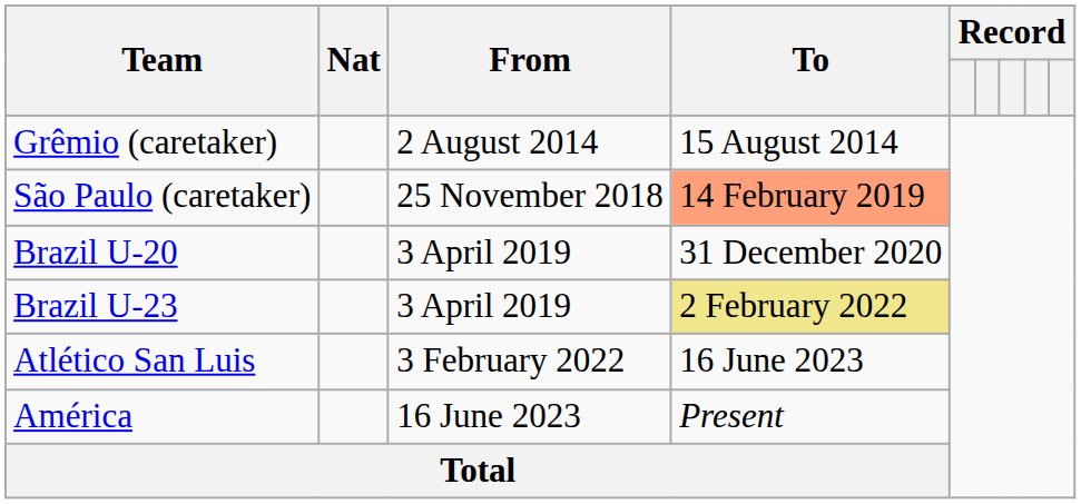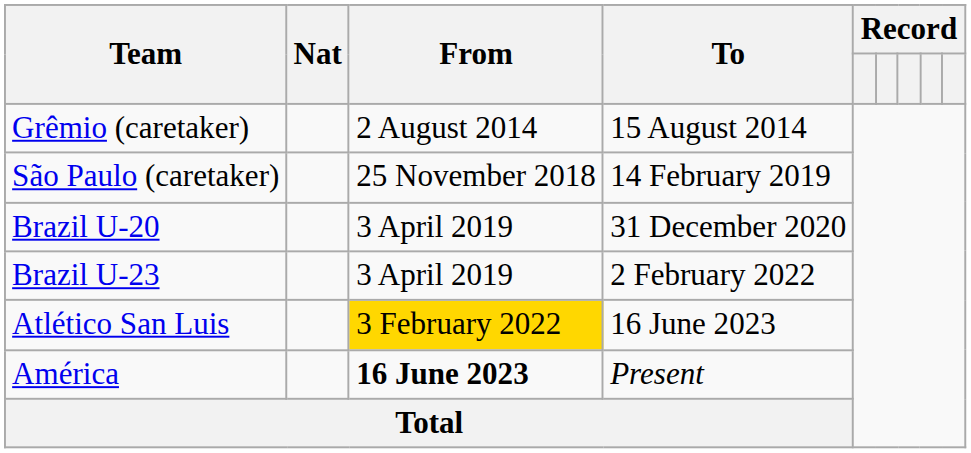 <table class="wikitable" style="text-align:center">
 <tr>
 <th rowspan="2">Team</th>
 <th rowspan="2">Nat</th>
 <th rowspan="2">From</th>
 <th rowspan="2">To</th>
 <th colspan="5">Record</th>
 </tr>
 <tr>
 <th></th>
 <th></th>
 <th></th>
 <th></th>
 <th><br></th>
 </tr>
 <tr>
 <td align="left"><a href='#'>Grêmio</a> (caretaker)</td>
 <td></td>
 <td align="left">2 August 2014</td>
 <td align="left">15 August 2014<br></td>
 </tr>
 <tr>
 <td align="left"><a href='#'>São Paulo</a> (caretaker)</td>
 <td></td>
 <td align="left">25 November 2018</td>
-<td align="left" style="background: lightsalmon;">14 February 2019<br></td>
+<td align="left">14 February 2019<br></td>
 </tr>
 <tr>
 <td align="left"><a href='#'>Brazil U-20</a></td>
 <td></td>
 <td align="left">3 April 2019</td>
 <td align="left">31 December 2020<br></td>
 </tr>
 <tr>
 <td align="left"><a href='#'>Brazil U-23</a></td>
 <td></td>
 <td align="left">3 April 2019</td>
-<td align="left" style="background: khaki;">2 February 2022<br></td>
+<td align="left">2 February 2022<br></td>
 </tr>
 <tr>
 <td align="left"><a href='#'>Atlético San Luis</a></td>
 <td></td>
-<td align="left">3 February 2022</td>
+<td align="left" style="background: gold;">3 February 2022</td>
 <td align="left">16 June 2023<br></td>
 </tr>
 <tr>
 <td align="left"><a href='#'>América</a></td>
 <td></td>
-<td align="left">16 June 2023</td>
+<td align="left"><strong>16 June 2023</strong></td>
 <td align="left"><em>Present</em><br></td>
 </tr>
 <tr>
 <th colspan="4">Total<br></th>
 </tr>
 </table>
